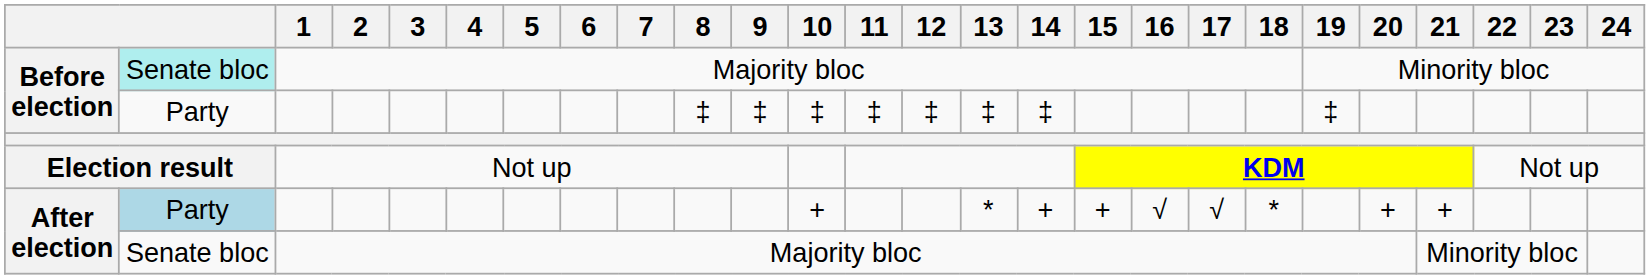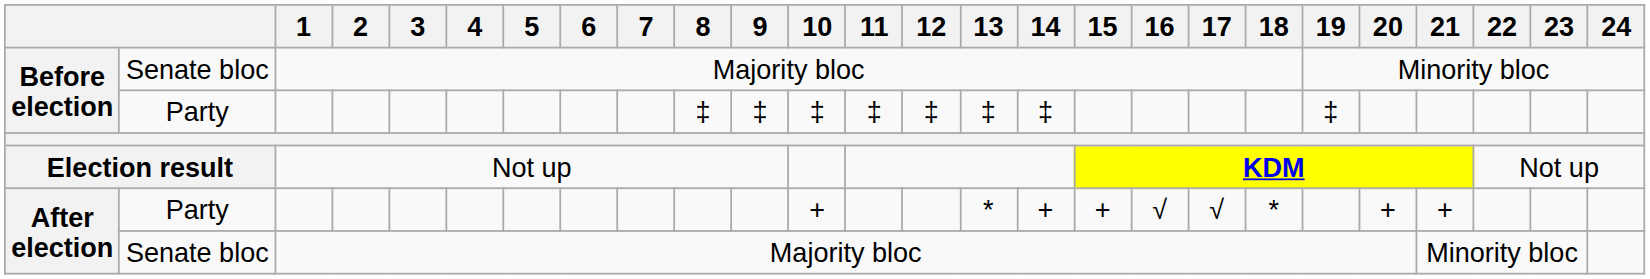 <table class="wikitable" style="text-align:center; font-size:95%">
 <tr>
 <th colspan=2></th>
 <th width=25px>1</th>
 <th width=25px>2</th>
 <th width=25px>3</th>
 <th width=25px>4</th>
 <th width=25px>5</th>
 <th width=25px>6</th>
 <th width=25px>7</th>
 <th width=25px>8</th>
 <th width=25px>9</th>
 <th width=25px>10</th>
 <th width=25px>11</th>
 <th width=25px>12</th>
 <th width=25px>13</th>
 <th width=25px>14</th>
 <th width=25px>15</th>
 <th width=25px>16</th>
 <th width=25px>17</th>
 <th width=25px>18</th>
 <th width=25px>19</th>
 <th width=25px>20</th>
 <th width=25px>21</th>
 <th width=25px>22</th>
 <th width=25px>23</th>
 <th width=25px>24</th>
 </tr>
 <tr>
 <th rowspan=2>Before<br>election</th>
-<td style="background: paleturquoise;">Senate bloc</td>
+<td>Senate bloc</td>
 <td colspan=18 bgcolor=>Majority bloc</td>
 <td colspan=6 bgcolor=>Minority bloc</td>
 </tr>
 <tr>
 <td>Party</td>
 <td bgcolor=></td>
 <td bgcolor=></td>
 <td bgcolor=></td>
 <td bgcolor=></td>
 <td bgcolor=></td>
 <td bgcolor=></td>
 <td bgcolor=></td>
 <td bgcolor=>‡</td>
 <td bgcolor=>‡</td>
 <td bgcolor=>‡</td>
 <td bgcolor=>‡</td>
 <td bgcolor=>‡</td>
 <td bgcolor=>‡</td>
 <td bgcolor=>‡</td>
 <td bgcolor=></td>
 <td bgcolor=></td>
 <td bgcolor=></td>
 <td bgcolor=></td>
 <td bgcolor=>‡</td>
 <td bgcolor=></td>
 <td bgcolor=></td>
 <td bgcolor=></td>
 <td bgcolor=></td>
 <td bgcolor=></td>
 </tr>
 <tr>
 <th colspan="26"></th>
 </tr>
 <tr>
 <th colspan=2>Election result</th>
 <td colspan=9>Not up</td>
 <td bgcolor=><a href='#'><strong></strong></a></td>
 <td colspan=4 bgcolor=><strong></strong></td>
 <td colspan=7 bgcolor=yellow><strong><a href='#'>KDM</a></strong></td>
 <td colspan=3>Not up</td>
 </tr>
 <tr>
 <th rowspan=2>After<br>election</th>
-<td style="background: lightblue;">Party</td>
+<td>Party</td>
 <td bgcolor=></td>
 <td bgcolor=></td>
 <td bgcolor=></td>
 <td bgcolor=></td>
 <td bgcolor=></td>
 <td bgcolor=></td>
 <td bgcolor=></td>
 <td bgcolor=></td>
 <td bgcolor=></td>
 <td bgcolor=>+</td>
 <td bgcolor=></td>
 <td bgcolor=></td>
 <td bgcolor=>*</td>
 <td bgcolor=>+</td>
 <td bgcolor=>+</td>
 <td bgcolor=>√</td>
 <td bgcolor=>√</td>
 <td bgcolor=>*</td>
 <td bgcolor=></td>
 <td bgcolor=>+</td>
 <td bgcolor=>+</td>
 <td bgcolor=></td>
 <td bgcolor=></td>
 <td bgcolor=></td>
 </tr>
 <tr>
 <td>Senate bloc</td>
 <td colspan=20 bgcolor=>Majority bloc</td>
 <td colspan=3 bgcolor=>Minority bloc</td>
 <td></td>
 </tr>
 </table>
